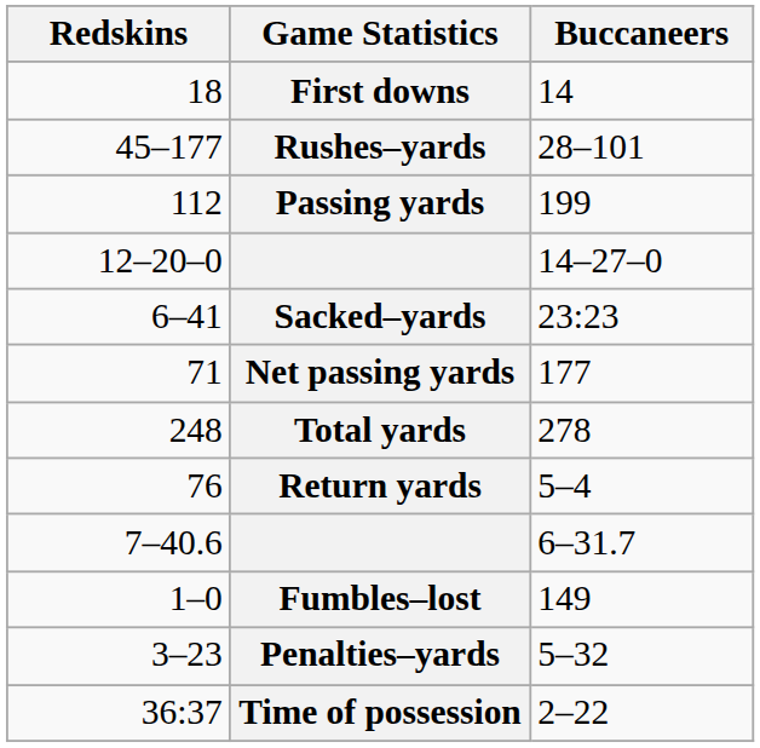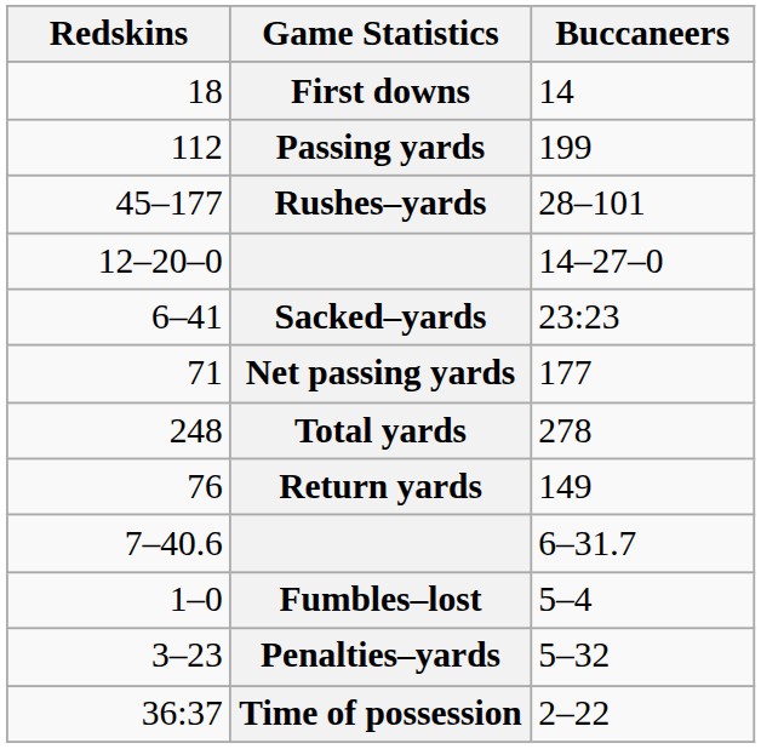 <table class="wikitable" style="margin: 1em auto 1em auto">
 <tr>
 <th style="width:30%;">Redskins</th>
 <th style="width:40%;">Game Statistics</th>
 <th style="width:30%;">Buccaneers</th>
 </tr>
 <tr>
 <td style="text-align:right;">18</td>
 <th>First downs</th>
 <td>14</td>
 </tr>
 <tr>
+<td style="text-align:right;">112</td>
+<th>Passing yards</th>
+<td>199</td>
+</tr>
+<tr>
 <td style="text-align:right;">45–177</td>
 <th>Rushes–yards</th>
 <td>28–101</td>
-</tr>
-<tr>
-<td style="text-align:right;">112</td>
-<th>Passing yards</th>
-<td>199</td>
 </tr>
 <tr>
 <td style="text-align:right;">12–20–0</td>
 <th></th>
 <td>14–27–0</td>
 </tr>
 <tr>
 <td style="text-align:right;">6–41</td>
 <th>Sacked–yards</th>
 <td>23:23</td>
 </tr>
 <tr>
 <td style="text-align:right;">71</td>
 <th>Net passing yards</th>
 <td>177</td>
 </tr>
 <tr>
 <td style="text-align:right;">248</td>
 <th>Total yards</th>
 <td>278</td>
 </tr>
 <tr>
 <td style="text-align:right;">76</td>
 <th>Return yards</th>
-<td>5–4</td>
+<td>149</td>
 </tr>
 <tr>
 <td style="text-align:right;">7–40.6</td>
 <th></th>
 <td>6–31.7</td>
 </tr>
 <tr>
 <td style="text-align:right;">1–0</td>
 <th>Fumbles–lost</th>
-<td>149</td>
+<td>5–4</td>
 </tr>
 <tr>
 <td style="text-align:right;">3–23</td>
 <th>Penalties–yards</th>
 <td>5–32</td>
 </tr>
 <tr>
 <td style="text-align:right;">36:37</td>
 <th>Time of possession</th>
 <td>2–22</td>
 </tr>
 </table>
